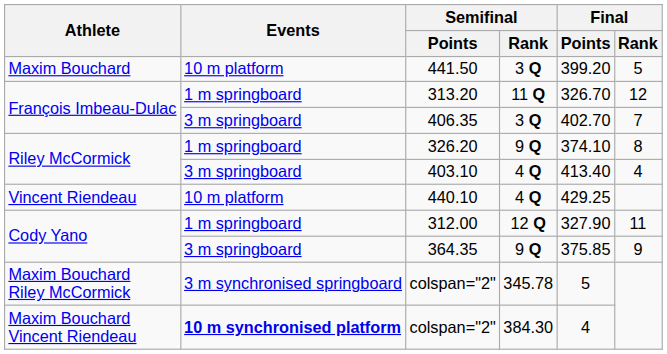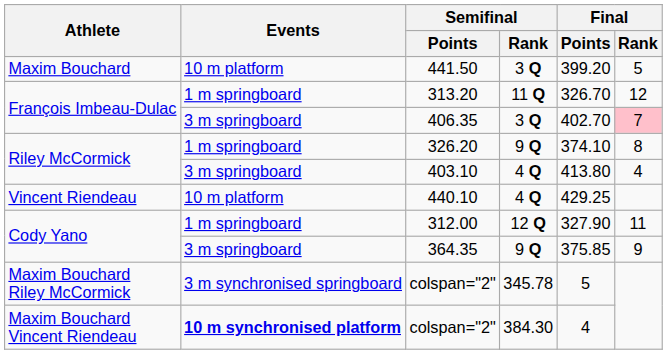 <table class=wikitable style="font-size:90%">
 <tr>
 <th rowspan="2">Athlete</th>
 <th rowspan="2">Events</th>
 <th colspan="2">Semifinal</th>
 <th colspan="2">Final</th>
 </tr>
 <tr>
 <th>Points</th>
 <th>Rank</th>
 <th>Points</th>
 <th>Rank</th>
 </tr>
 <tr>
 <td><a href='#'>Maxim Bouchard</a></td>
 <td><a href='#'>10 m platform</a></td>
 <td align=center>441.50</td>
 <td align=center>3 <strong>Q</strong></td>
 <td align=center>399.20</td>
 <td align=center>5</td>
 </tr>
 <tr>
 <td rowspan="2"><a href='#'>François Imbeau-Dulac</a></td>
 <td><a href='#'>1 m springboard</a></td>
 <td align=center>313.20</td>
 <td align=center>11 <strong>Q</strong></td>
 <td align=center>326.70</td>
 <td align=center>12</td>
 </tr>
 <tr>
 <td><a href='#'>3 m springboard</a></td>
 <td align=center>406.35</td>
 <td align=center>3 <strong>Q</strong></td>
 <td align=center>402.70</td>
-<td align=center>7</td>
+<td align=center style="background: pink;">7</td>
 </tr>
 <tr>
 <td rowspan="2"><a href='#'>Riley McCormick</a></td>
 <td><a href='#'>1 m springboard</a></td>
 <td align=center>326.20</td>
 <td align=center>9 <strong>Q</strong></td>
 <td align=center>374.10</td>
 <td align=center>8</td>
 </tr>
 <tr>
 <td><a href='#'>3 m springboard</a></td>
 <td align=center>403.10</td>
 <td align=center>4 <strong>Q</strong></td>
-<td align=center>413.40</td>
+<td align=center>413.80</td>
 <td align=center>4</td>
 </tr>
 <tr>
 <td><a href='#'>Vincent Riendeau</a></td>
 <td><a href='#'>10 m platform</a></td>
 <td align=center>440.10</td>
 <td align=center>4 <strong>Q</strong></td>
 <td align=center>429.25</td>
 <td align=center></td>
 </tr>
 <tr>
 <td rowspan="2"><a href='#'>Cody Yano</a></td>
 <td><a href='#'>1 m springboard</a></td>
 <td align=center>312.00</td>
 <td align=center>12 <strong>Q</strong></td>
 <td align=center>327.90</td>
 <td align=center>11</td>
 </tr>
 <tr>
 <td><a href='#'>3 m springboard</a></td>
 <td align=center>364.35</td>
 <td align=center>9 <strong>Q</strong></td>
 <td align=center>375.85</td>
 <td align=center>9</td>
 </tr>
 <tr>
 <td><a href='#'>Maxim Bouchard</a><br> <a href='#'>Riley McCormick</a></td>
 <td><a href='#'>3 m synchronised springboard</a></td>
 <td>colspan="2" </td>
 <td align=center>345.78</td>
 <td align=center>5</td>
 </tr>
 <tr>
 <td><a href='#'>Maxim Bouchard</a><br> <a href='#'>Vincent Riendeau</a></td>
 <td><strong><a href='#'>10 m synchronised platform</a></strong></td>
 <td>colspan="2" </td>
 <td align=center>384.30</td>
 <td align=center>4</td>
 </tr>
 </table>
